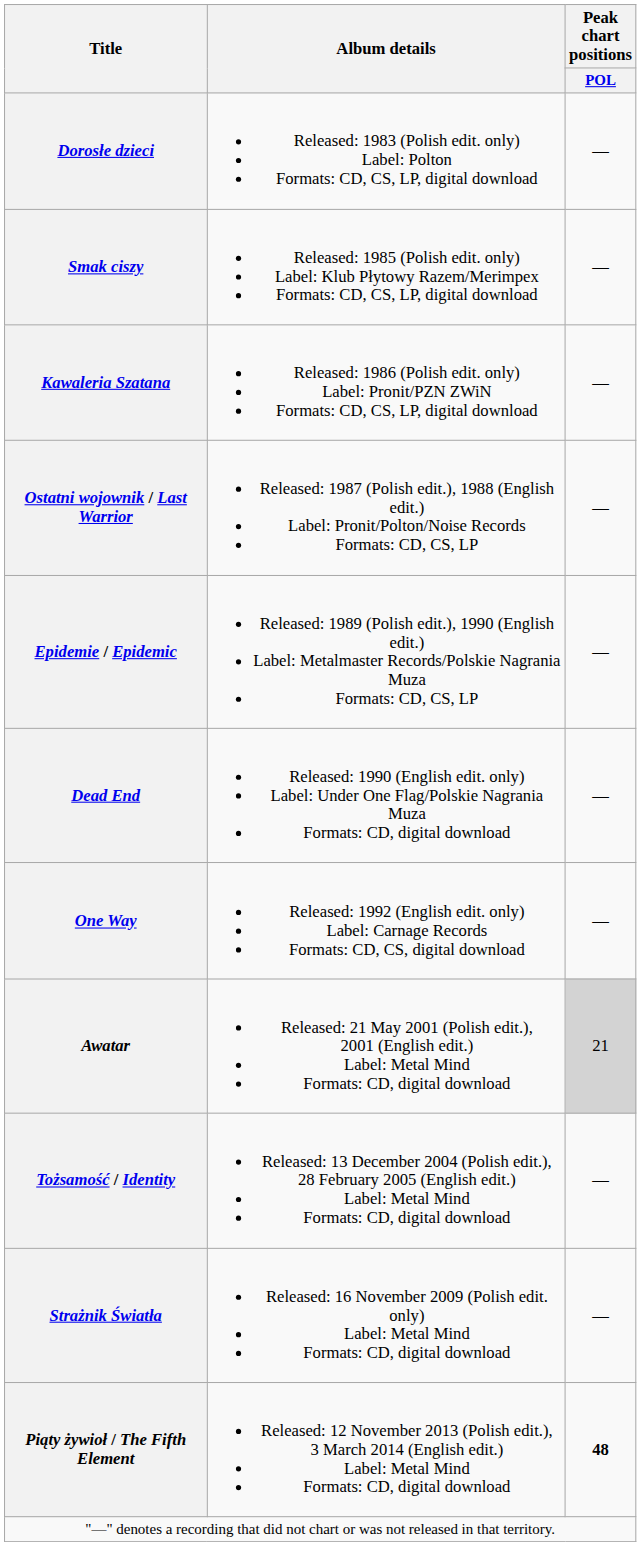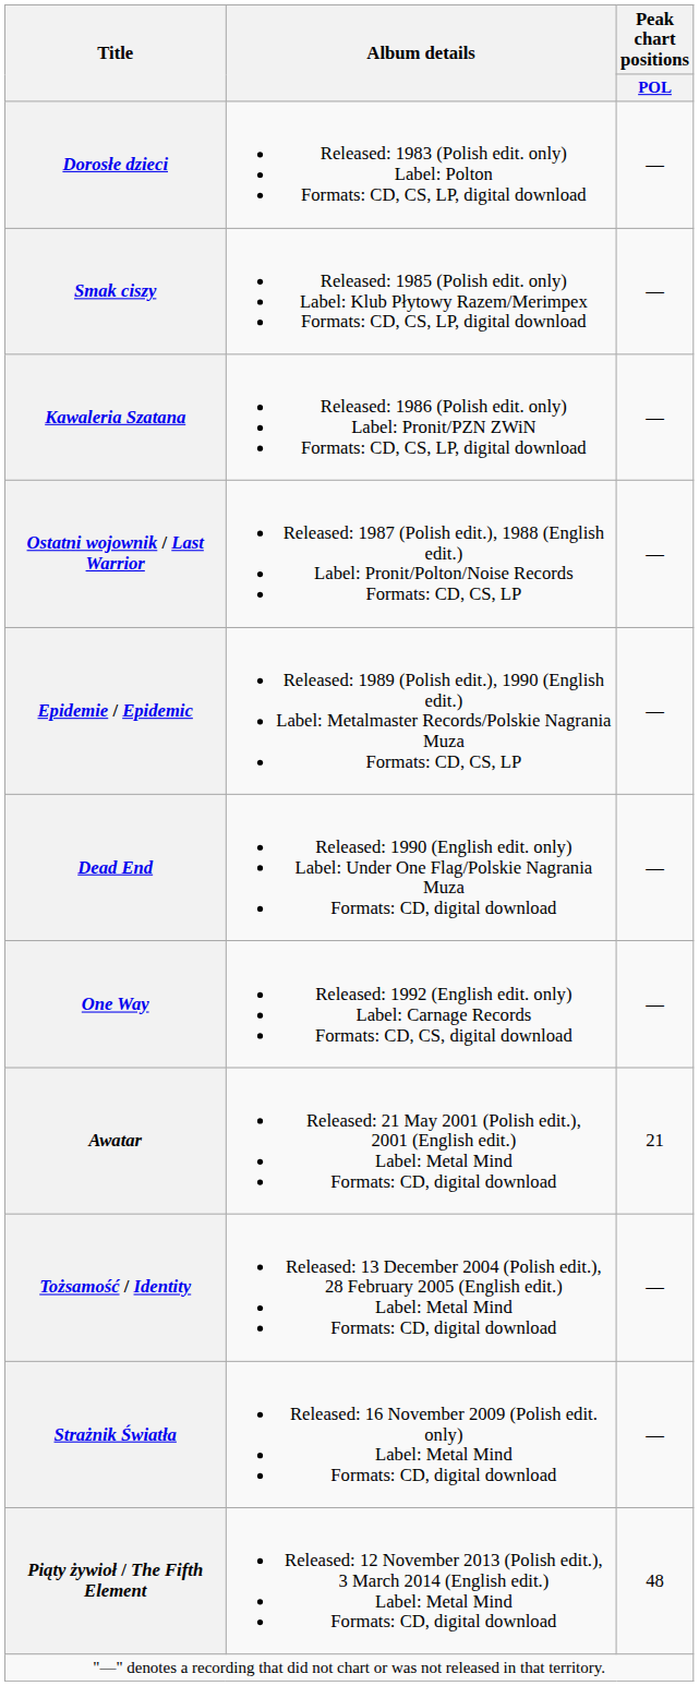 <table class="wikitable plainrowheaders" style="text-align:center;">
 <tr>
 <th scope="col" rowspan="2">Title</th>
 <th scope="col" rowspan="2">Album details</th>
 <th scope="col" colspan="1">Peak chart positions</th>
 </tr>
 <tr>
 <th scope="col" style="width:3em;font-size:90%;"><a href='#'>POL</a><br></th>
 </tr>
 <tr>
 <th scope="row"><em><a href='#'>Dorosłe dzieci</a></em></th>
 <td><br><ul><li>Released: 1983 (Polish edit. only)</li><li>Label: Polton</li><li>Formats: CD, CS, LP, digital download</li></ul></td>
 <td>—</td>
 </tr>
 <tr>
 <th scope="row"><em><a href='#'>Smak ciszy</a></em></th>
 <td><br><ul><li>Released: 1985 (Polish edit. only)</li><li>Label: Klub Płytowy Razem/Merimpex</li><li>Formats: CD, CS, LP, digital download</li></ul></td>
 <td>—</td>
 </tr>
 <tr>
 <th scope="row"><em><a href='#'>Kawaleria Szatana</a></em></th>
 <td><br><ul><li>Released: 1986 (Polish edit. only)</li><li>Label: Pronit/PZN ZWiN</li><li>Formats: CD, CS, LP, digital download</li></ul></td>
 <td>—</td>
 </tr>
 <tr>
 <th scope="row"><em><a href='#'>Ostatni wojownik</a></em> / <em><a href='#'>Last Warrior</a></em></th>
 <td><br><ul><li>Released: 1987 (Polish edit.), 1988 (English edit.)</li><li>Label: Pronit/Polton/Noise Records</li><li>Formats: CD, CS, LP</li></ul></td>
 <td>—</td>
 </tr>
 <tr>
 <th scope="row"><em><a href='#'>Epidemie</a></em> / <em><a href='#'>Epidemic</a></em></th>
 <td><br><ul><li>Released: 1989 (Polish edit.), 1990 (English edit.)</li><li>Label: Metalmaster Records/Polskie Nagrania Muza</li><li>Formats: CD, CS, LP</li></ul></td>
 <td>—</td>
 </tr>
 <tr>
 <th scope="row"><em><a href='#'>Dead End</a></em></th>
 <td><br><ul><li>Released: 1990 (English edit. only)</li><li>Label: Under One Flag/Polskie Nagrania Muza</li><li>Formats: CD, digital download</li></ul></td>
 <td>—</td>
 </tr>
 <tr>
 <th scope="row"><em><a href='#'>One Way</a></em></th>
 <td><br><ul><li>Released: 1992 (English edit. only)</li><li>Label: Carnage Records</li><li>Formats: CD, CS, digital download</li></ul></td>
 <td>—</td>
 </tr>
 <tr>
 <th scope="row"><em>Awatar</em></th>
 <td><br><ul><li>Released: 21 May 2001 (Polish edit.),<br>2001 (English edit.)</li><li>Label: Metal Mind</li><li>Formats: CD, digital download</li></ul></td>
-<td style="background: lightgrey;">21</td>
+<td>21</td>
 </tr>
 <tr>
 <th scope="row"><em><a href='#'>Tożsamość</a></em> / <em><a href='#'>Identity</a></em></th>
 <td><br><ul><li>Released: 13 December 2004 (Polish edit.),<br> 28 February 2005 (English edit.)</li><li>Label: Metal Mind</li><li>Formats: CD, digital download</li></ul></td>
 <td>—</td>
 </tr>
 <tr>
 <th scope="row"><em><a href='#'>Strażnik Światła</a></em></th>
 <td><br><ul><li>Released: 16 November 2009 (Polish edit. only)</li><li>Label: Metal Mind</li><li>Formats: CD, digital download</li></ul></td>
 <td>—</td>
 </tr>
 <tr>
 <th scope="row"><em>Piąty żywioł</em> / <em>The Fifth Element</em></th>
 <td><br><ul><li>Released: 12 November 2013 (Polish edit.),<br>3 March 2014 (English edit.)</li><li>Label: Metal Mind</li><li>Formats: CD, digital download</li></ul></td>
-<td><strong>48</strong></td>
+<td>48</td>
 </tr>
 <tr>
 <td colspan="10" style="font-size:90%">"—" denotes a recording that did not chart or was not released in that territory.</td>
 </tr>
 </table>
